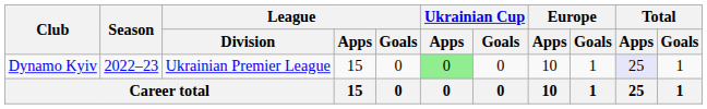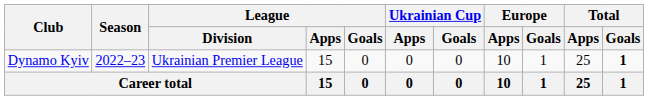 <table class="wikitable" style="text-align:center">
 <tr>
 <th rowspan="2">Club</th>
 <th rowspan="2">Season</th>
 <th colspan="3">League</th>
 <th colspan="2"><a href='#'>Ukrainian Cup</a></th>
 <th colspan="2">Europe</th>
 <th colspan="2">Total</th>
 </tr>
 <tr>
 <th>Division</th>
 <th>Apps</th>
 <th>Goals</th>
 <th>Apps</th>
 <th>Goals</th>
 <th>Apps</th>
 <th>Goals</th>
 <th>Apps</th>
 <th>Goals</th>
 </tr>
 <tr>
 <td><a href='#'>Dynamo Kyiv</a></td>
 <td><a href='#'>2022–23</a></td>
 <td><a href='#'>Ukrainian Premier League</a></td>
 <td>15</td>
 <td>0</td>
-<td style="background: lightgreen;">0</td>
+<td>0</td>
 <td>0</td>
 <td>10</td>
 <td>1</td>
-<td style="background: lavender;">25</td>
-<td>1</td>
+<td>25</td>
+<td><strong>1</strong></td>
 </tr>
 <tr>
 <th colspan="3">Career total</th>
 <th>15</th>
 <th>0</th>
 <th>0</th>
 <th>0</th>
 <th>10</th>
 <th>1</th>
 <th>25</th>
 <th>1</th>
 </tr>
 </table>
